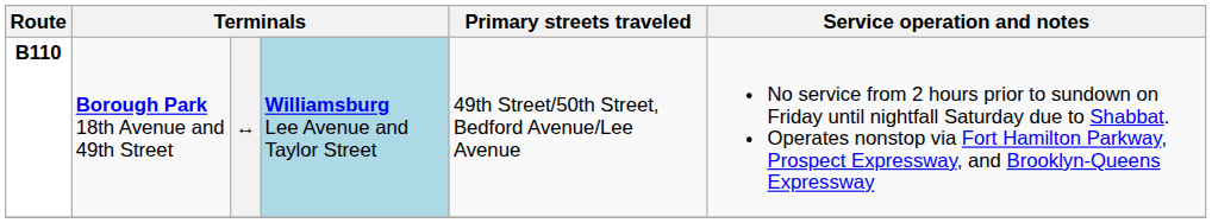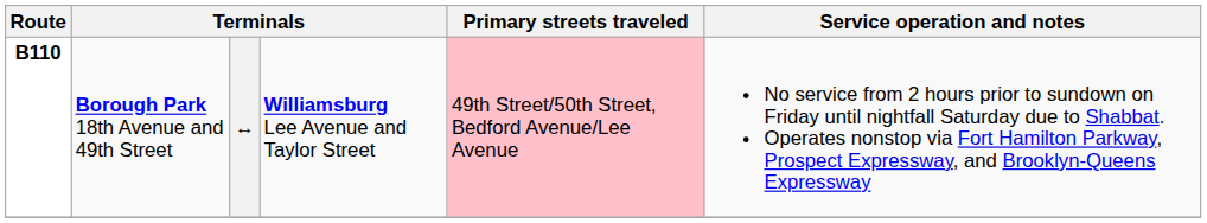 <table class=wikitable style="font-size: 90%;"|>
 <tr>
 <th>Route</th>
 <th colspan="3">Terminals</th>
 <th>Primary streets traveled</th>
 <th>Service operation and notes</th>
 </tr>
 <tr>
 <td style="background:white; color:black" align="center" valign=top><strong>B110</strong><br></td>
 <td><strong><a href='#'>Borough Park</a></strong><br>18th Avenue and 49th Street</td>
 <th><span>↔</span></th>
-<td style="background: lightblue;"><strong><a href='#'>Williamsburg</a></strong><br>Lee Avenue and Taylor Street</td>
-<td>49th Street/50th Street, Bedford Avenue/Lee Avenue</td>
+<td><strong><a href='#'>Williamsburg</a></strong><br>Lee Avenue and Taylor Street</td>
+<td style="background: pink;">49th Street/50th Street, Bedford Avenue/Lee Avenue</td>
 <td><br><ul><li>No service from 2 hours prior to sundown on Friday until nightfall Saturday due to <a href='#'>Shabbat</a>.</li><li>Operates nonstop via <a href='#'>Fort Hamilton Parkway</a>, <a href='#'>Prospect Expressway</a>, and <a href='#'>Brooklyn-Queens Expressway</a></li></ul></td>
 </tr>
 <tr>
 </tr>
 </table>
